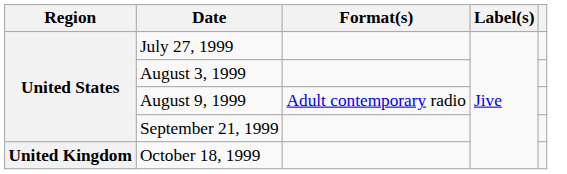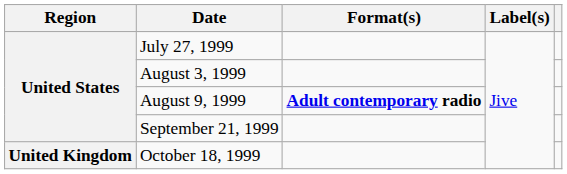 <table class="wikitable plainrowheaders">
 <tr>
 <th scope="col">Region</th>
 <th scope="col">Date</th>
 <th scope="col">Format(s)</th>
 <th scope="col">Label(s)</th>
 <th scope="col"></th>
 </tr>
 <tr>
 <th scope="row" rowspan="4">United States</th>
 <td>July 27, 1999</td>
 <td></td>
 <td rowspan="5"><a href='#'>Jive</a></td>
 <td></td>
 </tr>
 <tr>
 <td>August 3, 1999</td>
 <td></td>
 <td></td>
 </tr>
 <tr>
 <td>August 9, 1999</td>
-<td><a href='#'>Adult contemporary</a> radio</td>
+<td><strong><a href='#'>Adult contemporary</a> radio</strong></td>
 <td></td>
 </tr>
 <tr>
 <td>September 21, 1999</td>
 <td></td>
 <td></td>
 </tr>
 <tr>
 <th scope="row">United Kingdom</th>
 <td>October 18, 1999</td>
 <td></td>
 <td></td>
 </tr>
 </table>
